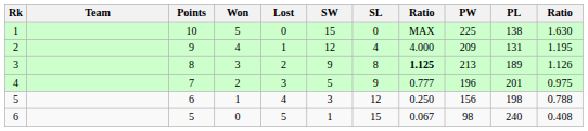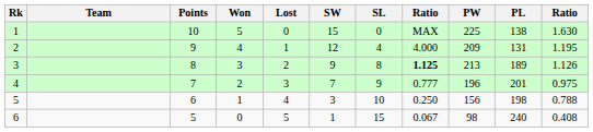 <table class=wikitable style="text-align:center">
 <tr>
 <th width=25>Rk</th>
 <th width=200>Team</th>
 <th width=60>Points</th>
 <th width=60>Won</th>
 <th width=60>Lost</th>
 <th width=60>SW</th>
 <th width=60>SL</th>
 <th width=60>Ratio</th>
 <th width=60>PW</th>
 <th width=60>PL</th>
 <th width=60>Ratio</th>
 </tr>
 <tr bgcolor=#ccffcc>
 <td>1</td>
 <td align=left></td>
 <td>10</td>
 <td>5</td>
 <td>0</td>
 <td>15</td>
 <td>0</td>
 <td>MAX</td>
 <td>225</td>
 <td>138</td>
 <td>1.630</td>
 </tr>
 <tr bgcolor=#ccffcc>
 <td>2</td>
 <td align=left></td>
 <td>9</td>
 <td>4</td>
 <td>1</td>
 <td>12</td>
 <td>4</td>
 <td>4.000</td>
 <td>209</td>
 <td>131</td>
 <td>1.195</td>
 </tr>
 <tr bgcolor=#ccffcc>
 <td>3</td>
 <td align=left></td>
 <td>8</td>
 <td>3</td>
 <td>2</td>
 <td>9</td>
 <td>8</td>
 <td><strong>1.125</strong></td>
 <td>213</td>
 <td>189</td>
 <td>1.126</td>
 </tr>
 <tr bgcolor=#ccffcc>
 <td>4</td>
 <td align=left></td>
 <td>7</td>
 <td>2</td>
 <td>3</td>
-<td>5</td>
+<td>7</td>
 <td>9</td>
 <td>0.777</td>
 <td>196</td>
 <td>201</td>
 <td>0.975</td>
 </tr>
 <tr>
 <td>5</td>
 <td align=left></td>
 <td>6</td>
 <td>1</td>
 <td>4</td>
 <td>3</td>
-<td>12</td>
+<td>10</td>
 <td>0.250</td>
 <td>156</td>
 <td>198</td>
 <td>0.788</td>
 </tr>
 <tr>
 <td>6</td>
 <td align=left></td>
 <td>5</td>
 <td>0</td>
 <td>5</td>
 <td>1</td>
 <td>15</td>
 <td>0.067</td>
 <td>98</td>
 <td>240</td>
 <td>0.408</td>
 </tr>
 </table>
